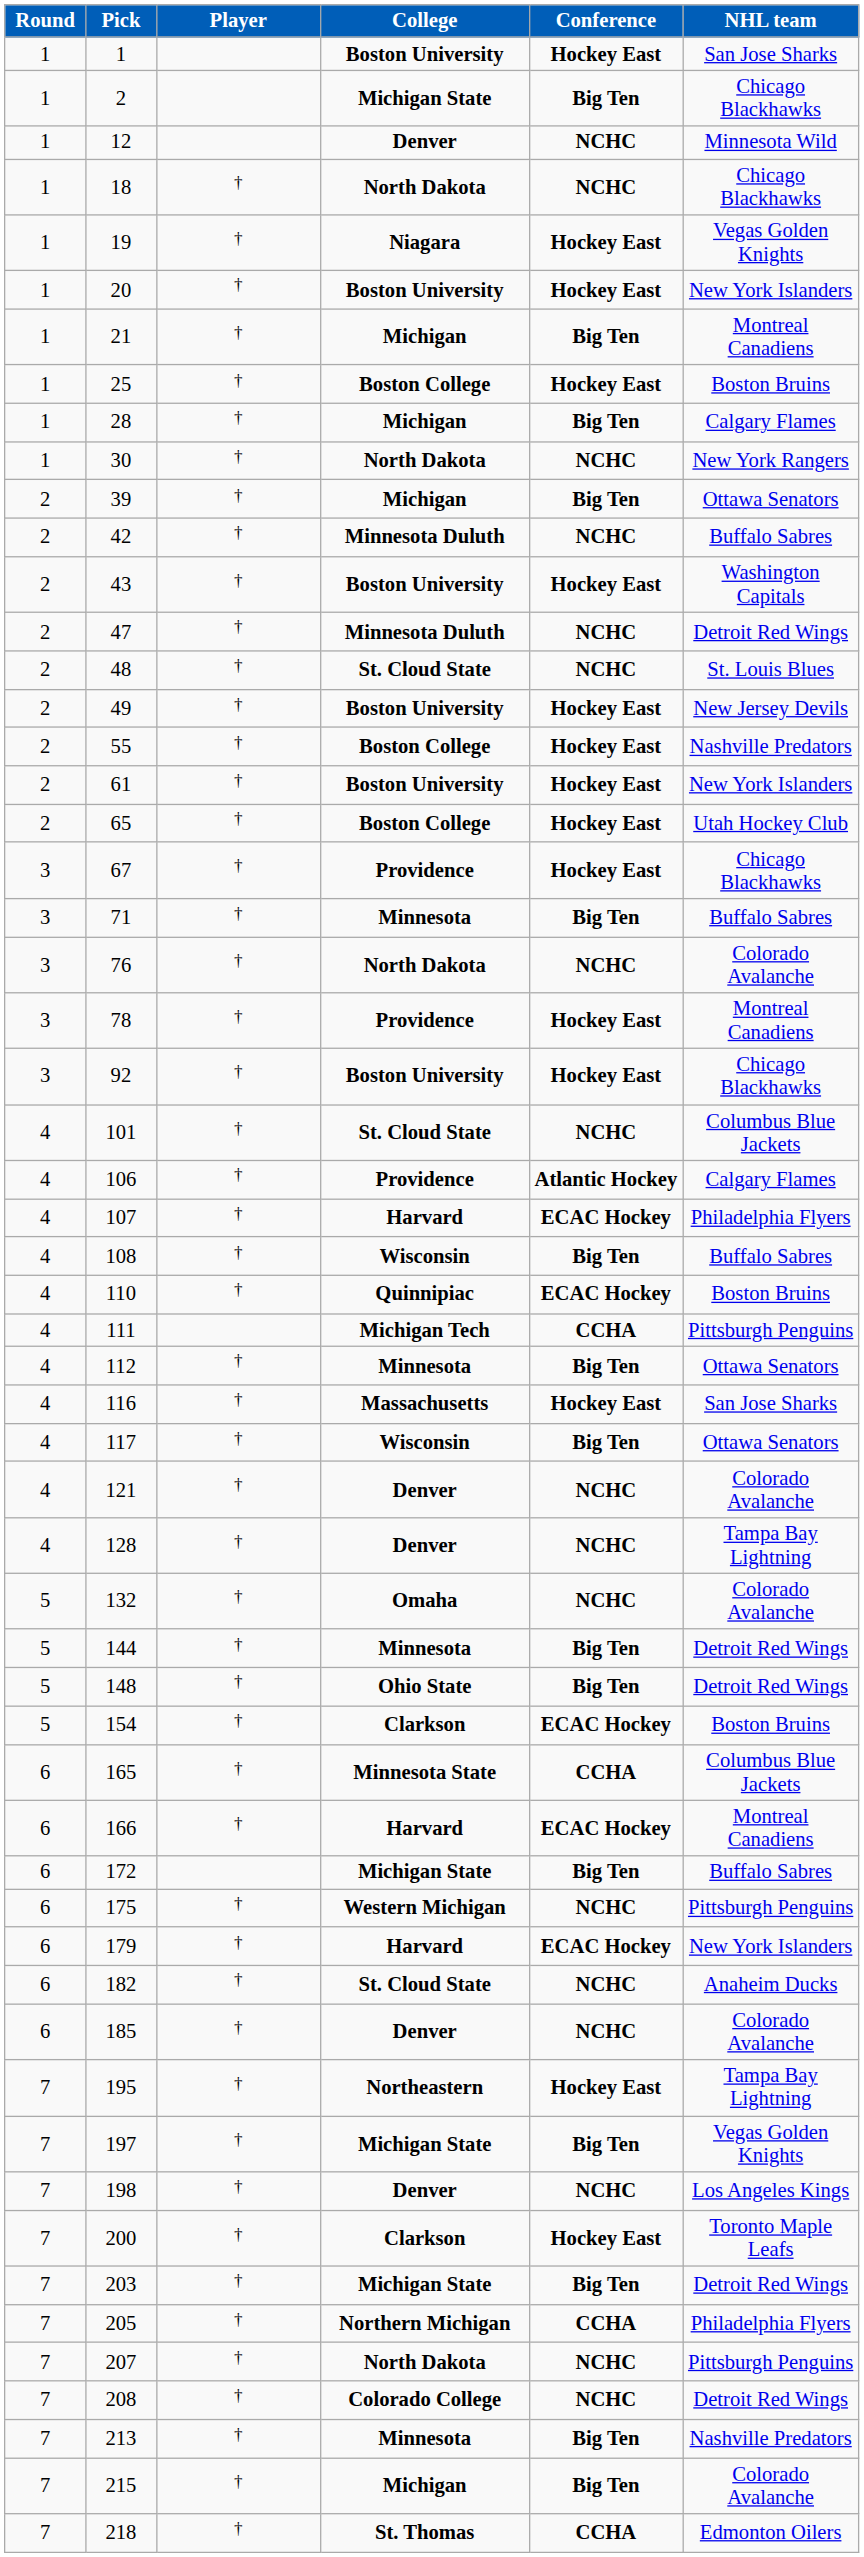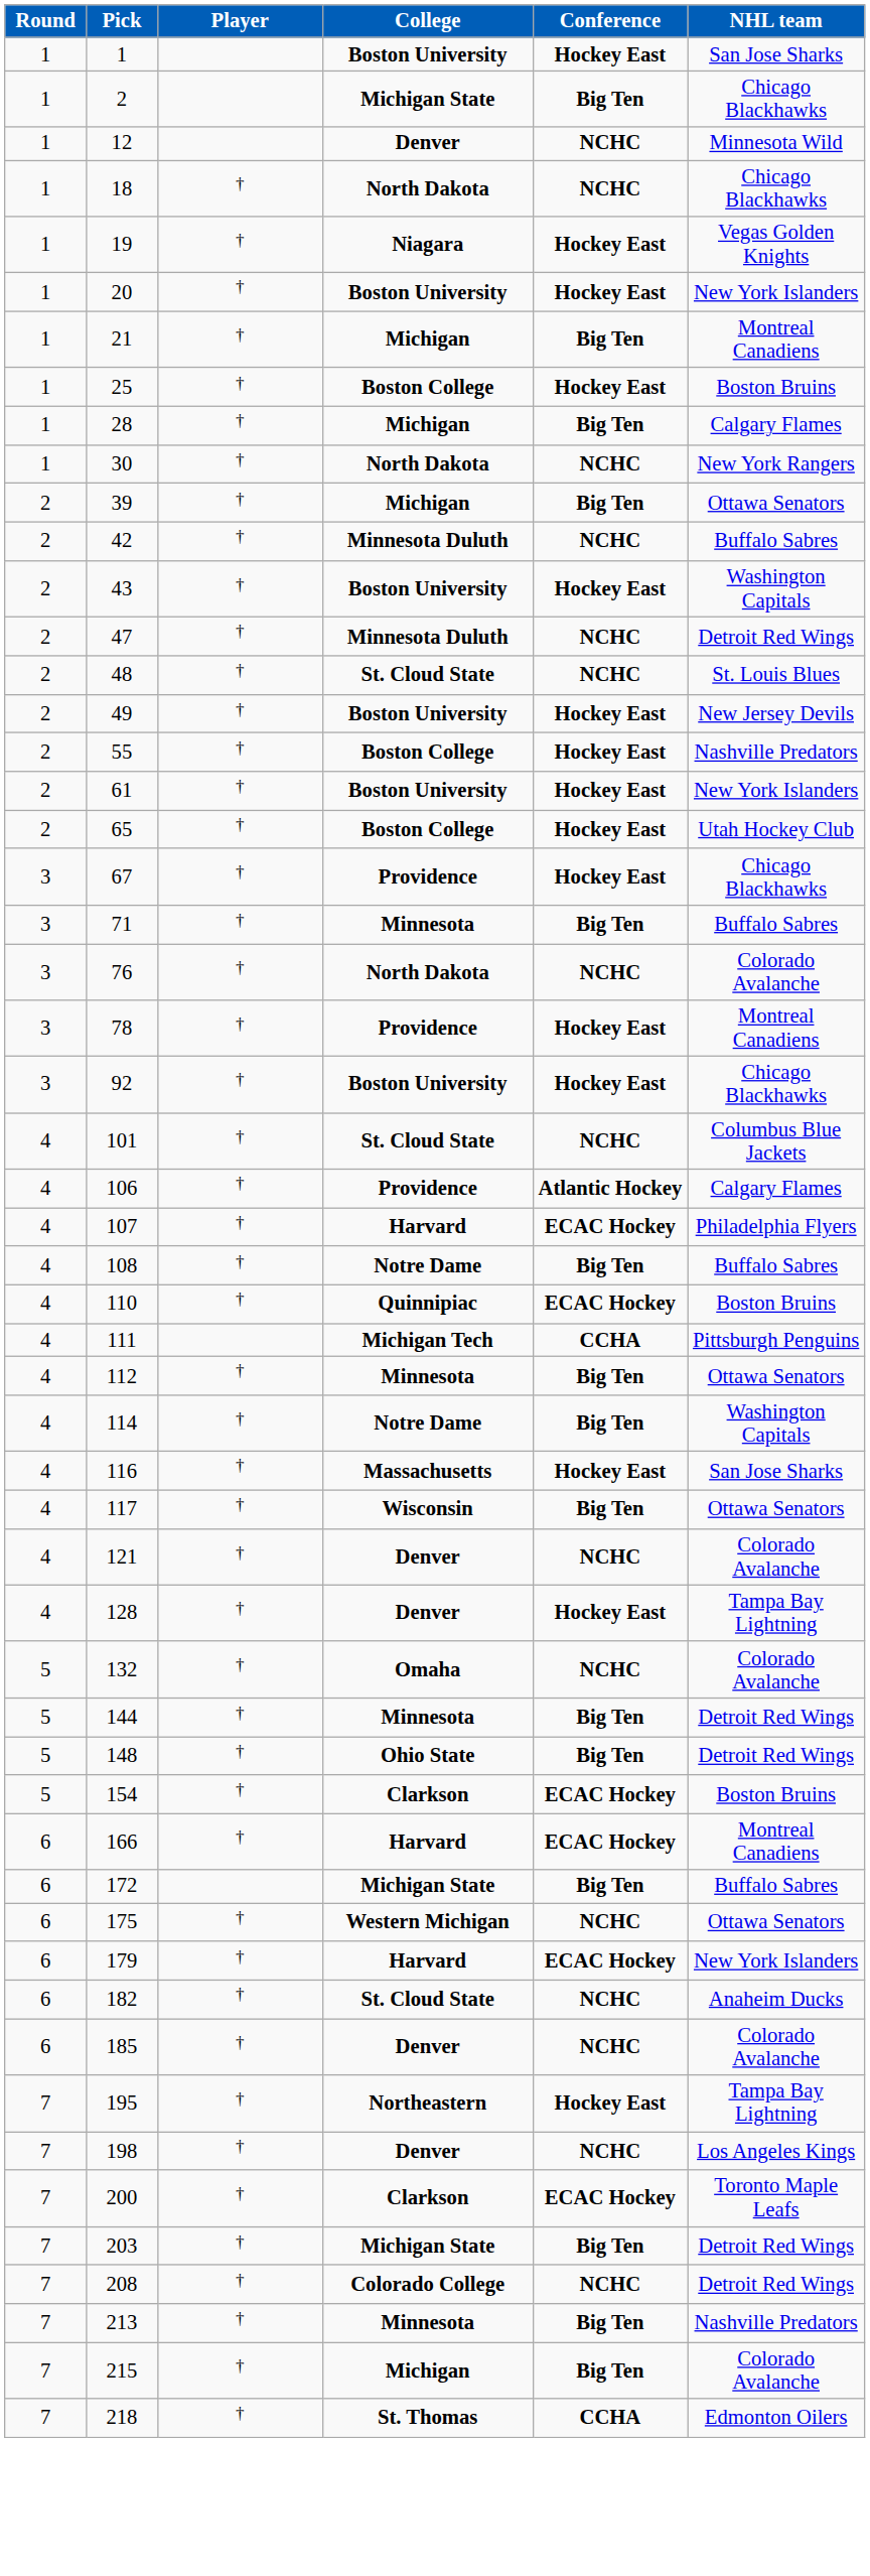 <table class="wikitable sortable" width="75%">
 <tr>
 <th style="color:white; background-color:#005EB8; width: 4em;">Round</th>
 <th style="color:white; background-color:#005EB8; width: 4em;">Pick</th>
 <th style="color:white; background-color:#005EB8; width: 12em;">Player</th>
 <th style="color:white; background-color:#005EB8; width: 13em;">College</th>
 <th style="color:white; background-color:#005EB8; width: 9em;">Conference</th>
 <th style="color:white; background-color:#005EB8; width: 11em;">NHL team</th>
 </tr>
 <tr align="center" bgcolor="">
 <td>1</td>
 <td>1</td>
 <td></td>
 <td><strong>Boston University</strong></td>
 <td><strong>Hockey East</strong></td>
 <td><a href='#'>San Jose Sharks</a></td>
 </tr>
 <tr align="center" bgcolor="">
 <td>1</td>
 <td>2</td>
 <td></td>
 <td><strong>Michigan State</strong></td>
 <td><strong>Big Ten</strong></td>
 <td><a href='#'>Chicago Blackhawks</a></td>
 </tr>
 <tr align="center" bgcolor="">
 <td>1</td>
 <td>12</td>
 <td></td>
 <td><strong>Denver</strong></td>
 <td><strong>NCHC</strong></td>
 <td><a href='#'>Minnesota Wild</a></td>
 </tr>
 <tr align="center" bgcolor="">
 <td>1</td>
 <td>18</td>
 <td> <sup>†</sup></td>
 <td><strong>North Dakota</strong></td>
 <td><strong>NCHC</strong></td>
 <td><a href='#'>Chicago Blackhawks</a></td>
 </tr>
 <tr align="center" bgcolor="">
 <td>1</td>
 <td>19</td>
 <td> <sup>†</sup></td>
 <td><strong>Niagara</strong></td>
 <td><strong>Hockey East</strong></td>
 <td><a href='#'>Vegas Golden Knights</a></td>
 </tr>
 <tr align="center" bgcolor="">
 <td>1</td>
 <td>20</td>
 <td> <sup>†</sup></td>
 <td><strong>Boston University</strong></td>
 <td><strong>Hockey East</strong></td>
 <td><a href='#'>New York Islanders</a></td>
 </tr>
 <tr align="center" bgcolor="">
 <td>1</td>
 <td>21</td>
 <td> <sup>†</sup></td>
 <td><strong>Michigan</strong></td>
 <td><strong>Big Ten</strong></td>
 <td><a href='#'>Montreal Canadiens</a></td>
 </tr>
 <tr align="center" bgcolor="">
 <td>1</td>
 <td>25</td>
 <td> <sup>†</sup></td>
 <td><strong>Boston College</strong></td>
 <td><strong>Hockey East</strong></td>
 <td><a href='#'>Boston Bruins</a></td>
 </tr>
 <tr align="center" bgcolor="">
 <td>1</td>
 <td>28</td>
 <td> <sup>†</sup></td>
 <td><strong>Michigan</strong></td>
 <td><strong>Big Ten</strong></td>
 <td><a href='#'>Calgary Flames</a></td>
 </tr>
 <tr align="center" bgcolor="">
 <td>1</td>
 <td>30</td>
 <td> <sup>†</sup></td>
 <td><strong>North Dakota</strong></td>
 <td><strong>NCHC</strong></td>
 <td><a href='#'>New York Rangers</a></td>
 </tr>
 <tr align="center" bgcolor="">
 <td>2</td>
 <td>39</td>
 <td> <sup>†</sup></td>
 <td><strong>Michigan</strong></td>
 <td><strong>Big Ten</strong></td>
 <td><a href='#'>Ottawa Senators</a></td>
 </tr>
 <tr align="center" bgcolor="">
 <td>2</td>
 <td>42</td>
 <td> <sup>†</sup></td>
 <td><strong>Minnesota Duluth</strong></td>
 <td><strong>NCHC</strong></td>
 <td><a href='#'>Buffalo Sabres</a></td>
 </tr>
 <tr align="center" bgcolor="">
 <td>2</td>
 <td>43</td>
 <td> <sup>†</sup></td>
 <td><strong>Boston University</strong></td>
 <td><strong>Hockey East</strong></td>
 <td><a href='#'>Washington Capitals</a></td>
 </tr>
 <tr align="center" bgcolor="">
 <td>2</td>
 <td>47</td>
 <td> <sup>†</sup></td>
 <td><strong>Minnesota Duluth</strong></td>
 <td><strong>NCHC</strong></td>
 <td><a href='#'>Detroit Red Wings</a></td>
 </tr>
 <tr align="center" bgcolor="">
 <td>2</td>
 <td>48</td>
 <td> <sup>†</sup></td>
 <td><strong>St. Cloud State</strong></td>
 <td><strong>NCHC</strong></td>
 <td><a href='#'>St. Louis Blues</a></td>
 </tr>
 <tr align="center" bgcolor="">
 <td>2</td>
 <td>49</td>
 <td> <sup>†</sup></td>
 <td><strong>Boston University</strong></td>
 <td><strong>Hockey East</strong></td>
 <td><a href='#'>New Jersey Devils</a></td>
 </tr>
 <tr align="center" bgcolor="">
 <td>2</td>
 <td>55</td>
 <td> <sup>†</sup></td>
 <td><strong>Boston College</strong></td>
 <td><strong>Hockey East</strong></td>
 <td><a href='#'>Nashville Predators</a></td>
 </tr>
 <tr align="center" bgcolor="">
 <td>2</td>
 <td>61</td>
 <td> <sup>†</sup></td>
 <td><strong>Boston University</strong></td>
 <td><strong>Hockey East</strong></td>
 <td><a href='#'>New York Islanders</a></td>
 </tr>
 <tr align="center" bgcolor="">
 <td>2</td>
 <td>65</td>
 <td> <sup>†</sup></td>
 <td><strong>Boston College</strong></td>
 <td><strong>Hockey East</strong></td>
 <td><a href='#'>Utah Hockey Club</a></td>
 </tr>
 <tr align="center" bgcolor="">
 <td>3</td>
 <td>67</td>
 <td> <sup>†</sup></td>
 <td><strong>Providence</strong></td>
 <td><strong>Hockey East</strong></td>
 <td><a href='#'>Chicago Blackhawks</a></td>
 </tr>
 <tr align="center" bgcolor="">
 <td>3</td>
 <td>71</td>
 <td> <sup>†</sup></td>
 <td><strong>Minnesota</strong></td>
 <td><strong>Big Ten</strong></td>
 <td><a href='#'>Buffalo Sabres</a></td>
 </tr>
 <tr align="center" bgcolor="">
 <td>3</td>
 <td>76</td>
 <td> <sup>†</sup></td>
 <td><strong>North Dakota</strong></td>
 <td><strong>NCHC</strong></td>
 <td><a href='#'>Colorado Avalanche</a></td>
 </tr>
 <tr align="center" bgcolor="">
 <td>3</td>
 <td>78</td>
 <td> <sup>†</sup></td>
 <td><strong>Providence</strong></td>
 <td><strong>Hockey East</strong></td>
 <td><a href='#'>Montreal Canadiens</a></td>
 </tr>
 <tr align="center" bgcolor="">
 <td>3</td>
 <td>92</td>
 <td> <sup>†</sup></td>
 <td><strong>Boston University</strong></td>
 <td><strong>Hockey East</strong></td>
 <td><a href='#'>Chicago Blackhawks</a></td>
 </tr>
 <tr align="center" bgcolor="">
 <td>4</td>
 <td>101</td>
 <td> <sup>†</sup></td>
 <td><strong>St. Cloud State</strong></td>
 <td><strong>NCHC</strong></td>
 <td><a href='#'>Columbus Blue Jackets</a></td>
 </tr>
 <tr align="center" bgcolor="">
 <td>4</td>
 <td>106</td>
 <td> <sup>†</sup></td>
 <td><strong>Providence</strong></td>
 <td><strong>Atlantic Hockey</strong></td>
 <td><a href='#'>Calgary Flames</a></td>
 </tr>
 <tr align="center" bgcolor="">
 <td>4</td>
 <td>107</td>
 <td> <sup>†</sup></td>
 <td><strong>Harvard</strong></td>
 <td><strong>ECAC Hockey</strong></td>
 <td><a href='#'>Philadelphia Flyers</a></td>
 </tr>
 <tr align="center" bgcolor="">
 <td>4</td>
 <td>108</td>
 <td> <sup>†</sup></td>
-<td><strong>Wisconsin</strong></td>
+<td><strong>Notre Dame</strong></td>
 <td><strong>Big Ten</strong></td>
 <td><a href='#'>Buffalo Sabres</a></td>
 </tr>
 <tr align="center" bgcolor="">
 <td>4</td>
 <td>110</td>
 <td> <sup>†</sup></td>
 <td><strong>Quinnipiac</strong></td>
 <td><strong>ECAC Hockey</strong></td>
 <td><a href='#'>Boston Bruins</a></td>
 </tr>
 <tr align="center" bgcolor="">
 <td>4</td>
 <td>111</td>
 <td></td>
 <td><strong>Michigan Tech</strong></td>
 <td><strong>CCHA</strong></td>
 <td><a href='#'>Pittsburgh Penguins</a></td>
 </tr>
 <tr align="center" bgcolor="">
 <td>4</td>
 <td>112</td>
 <td> <sup>†</sup></td>
 <td><strong>Minnesota</strong></td>
 <td><strong>Big Ten</strong></td>
 <td><a href='#'>Ottawa Senators</a></td>
+</tr>
+<tr align="center" bgcolor="">
+<td>4</td>
+<td>114</td>
+<td> <sup>†</sup></td>
+<td><strong>Notre Dame</strong></td>
+<td><strong>Big Ten</strong></td>
+<td><a href='#'>Washington Capitals</a></td>
 </tr>
 <tr align="center" bgcolor="">
 <td>4</td>
 <td>116</td>
 <td> <sup>†</sup></td>
 <td><strong>Massachusetts</strong></td>
 <td><strong>Hockey East</strong></td>
 <td><a href='#'>San Jose Sharks</a></td>
 </tr>
 <tr align="center" bgcolor="">
 <td>4</td>
 <td>117</td>
 <td> <sup>†</sup></td>
 <td><strong>Wisconsin</strong></td>
 <td><strong>Big Ten</strong></td>
 <td><a href='#'>Ottawa Senators</a></td>
 </tr>
 <tr align="center" bgcolor="">
 <td>4</td>
 <td>121</td>
 <td> <sup>†</sup></td>
 <td><strong>Denver</strong></td>
 <td><strong>NCHC</strong></td>
 <td><a href='#'>Colorado Avalanche</a></td>
 </tr>
 <tr align="center" bgcolor="">
 <td>4</td>
 <td>128</td>
 <td> <sup>†</sup></td>
 <td><strong>Denver</strong></td>
-<td><strong>NCHC</strong></td>
+<td><strong>Hockey East</strong></td>
 <td><a href='#'>Tampa Bay Lightning</a></td>
 </tr>
 <tr align="center" bgcolor="">
 <td>5</td>
 <td>132</td>
 <td> <sup>†</sup></td>
 <td><strong>Omaha</strong></td>
 <td><strong>NCHC</strong></td>
 <td><a href='#'>Colorado Avalanche</a></td>
 </tr>
 <tr align="center" bgcolor="">
 <td>5</td>
 <td>144</td>
 <td> <sup>†</sup></td>
 <td><strong>Minnesota</strong></td>
 <td><strong>Big Ten</strong></td>
 <td><a href='#'>Detroit Red Wings</a></td>
 </tr>
 <tr align="center" bgcolor="">
 <td>5</td>
 <td>148</td>
 <td> <sup>†</sup></td>
 <td><strong>Ohio State</strong></td>
 <td><strong>Big Ten</strong></td>
 <td><a href='#'>Detroit Red Wings</a></td>
 </tr>
 <tr align="center" bgcolor="">
 <td>5</td>
 <td>154</td>
 <td> <sup>†</sup></td>
 <td><strong>Clarkson</strong></td>
 <td><strong>ECAC Hockey</strong></td>
 <td><a href='#'>Boston Bruins</a></td>
 </tr>
 <tr align="center" bgcolor="">
 <td>6</td>
-<td>165</td>
-<td> <sup>†</sup></td>
-<td><strong>Minnesota State</strong></td>
-<td><strong>CCHA</strong></td>
-<td><a href='#'>Columbus Blue Jackets</a></td>
-</tr>
-<tr align="center" bgcolor="">
-<td>6</td>
 <td>166</td>
 <td> <sup>†</sup></td>
 <td><strong>Harvard</strong></td>
 <td><strong>ECAC Hockey</strong></td>
 <td><a href='#'>Montreal Canadiens</a></td>
 </tr>
 <tr align="center" bgcolor="">
 <td>6</td>
 <td>172</td>
 <td></td>
 <td><strong>Michigan State</strong></td>
 <td><strong>Big Ten</strong></td>
 <td><a href='#'>Buffalo Sabres</a></td>
 </tr>
 <tr align="center" bgcolor="">
 <td>6</td>
 <td>175</td>
 <td> <sup>†</sup></td>
 <td><strong>Western Michigan</strong></td>
 <td><strong>NCHC</strong></td>
-<td><a href='#'>Pittsburgh Penguins</a></td>
+<td><a href='#'>Ottawa Senators</a></td>
 </tr>
 <tr align="center" bgcolor="">
 <td>6</td>
 <td>179</td>
 <td> <sup>†</sup></td>
 <td><strong>Harvard</strong></td>
 <td><strong>ECAC Hockey</strong></td>
 <td><a href='#'>New York Islanders</a></td>
 </tr>
 <tr align="center" bgcolor="">
 <td>6</td>
 <td>182</td>
 <td> <sup>†</sup></td>
 <td><strong>St. Cloud State</strong></td>
 <td><strong>NCHC</strong></td>
 <td><a href='#'>Anaheim Ducks</a></td>
 </tr>
 <tr align="center" bgcolor="">
 <td>6</td>
 <td>185</td>
 <td> <sup>†</sup></td>
 <td><strong>Denver</strong></td>
 <td><strong>NCHC</strong></td>
 <td><a href='#'>Colorado Avalanche</a></td>
 </tr>
 <tr align="center" bgcolor="">
 <td>7</td>
 <td>195</td>
 <td> <sup>†</sup></td>
 <td><strong>Northeastern</strong></td>
 <td><strong>Hockey East</strong></td>
 <td><a href='#'>Tampa Bay Lightning</a></td>
 </tr>
 <tr align="center" bgcolor="">
 <td>7</td>
-<td>197</td>
-<td> <sup>†</sup></td>
-<td><strong>Michigan State</strong></td>
-<td><strong>Big Ten</strong></td>
-<td><a href='#'>Vegas Golden Knights</a></td>
-</tr>
-<tr align="center" bgcolor="">
-<td>7</td>
 <td>198</td>
 <td> <sup>†</sup></td>
 <td><strong>Denver</strong></td>
 <td><strong>NCHC</strong></td>
 <td><a href='#'>Los Angeles Kings</a></td>
 </tr>
 <tr align="center" bgcolor="">
 <td>7</td>
 <td>200</td>
 <td> <sup>†</sup></td>
 <td><strong>Clarkson</strong></td>
-<td><strong>Hockey East</strong></td>
+<td><strong>ECAC Hockey</strong></td>
 <td><a href='#'>Toronto Maple Leafs</a></td>
 </tr>
 <tr align="center" bgcolor="">
 <td>7</td>
 <td>203</td>
 <td> <sup>†</sup></td>
 <td><strong>Michigan State</strong></td>
 <td><strong>Big Ten</strong></td>
 <td><a href='#'>Detroit Red Wings</a></td>
-</tr>
-<tr align="center" bgcolor="">
-<td>7</td>
-<td>205</td>
-<td> <sup>†</sup></td>
-<td><strong>Northern Michigan</strong></td>
-<td><strong>CCHA</strong></td>
-<td><a href='#'>Philadelphia Flyers</a></td>
-</tr>
-<tr align="center" bgcolor="">
-<td>7</td>
-<td>207</td>
-<td> <sup>†</sup></td>
-<td><strong>North Dakota</strong></td>
-<td><strong>NCHC</strong></td>
-<td><a href='#'>Pittsburgh Penguins</a></td>
 </tr>
 <tr align="center" bgcolor="">
 <td>7</td>
 <td>208</td>
 <td> <sup>†</sup></td>
 <td><strong>Colorado College</strong></td>
 <td><strong>NCHC</strong></td>
 <td><a href='#'>Detroit Red Wings</a></td>
 </tr>
 <tr align="center" bgcolor="">
 <td>7</td>
 <td>213</td>
 <td> <sup>†</sup></td>
 <td><strong>Minnesota</strong></td>
 <td><strong>Big Ten</strong></td>
 <td><a href='#'>Nashville Predators</a></td>
 </tr>
 <tr align="center" bgcolor="">
 <td>7</td>
 <td>215</td>
 <td> <sup>†</sup></td>
 <td><strong>Michigan</strong></td>
 <td><strong>Big Ten</strong></td>
 <td><a href='#'>Colorado Avalanche</a></td>
 </tr>
 <tr align="center" bgcolor="">
 <td>7</td>
 <td>218</td>
 <td> <sup>†</sup></td>
 <td><strong>St. Thomas</strong></td>
 <td><strong>CCHA</strong></td>
 <td><a href='#'>Edmonton Oilers</a></td>
 </tr>
 </table>
